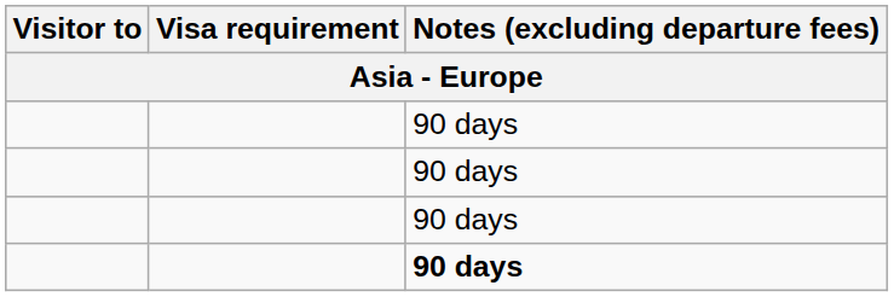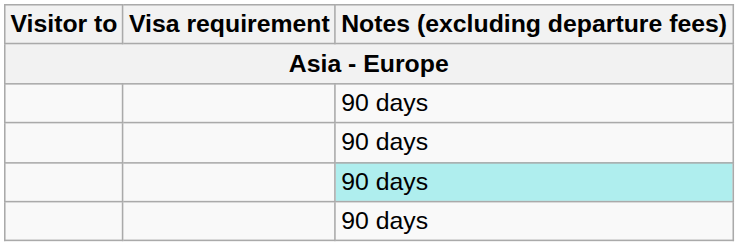 <table class="wikitable" style="text-align: left; table-layout: fixed; ">
 <tr>
 <th>Visitor to</th>
 <th>Visa requirement</th>
 <th>Notes (excluding departure fees)</th>
 </tr>
 <tr>
 <th colspan="3">Asia - Europe</th>
 </tr>
 <tr>
 <td></td>
 <td></td>
 <td>90 days</td>
 </tr>
 <tr>
 <td></td>
 <td></td>
 <td>90 days</td>
 </tr>
 <tr>
 <td></td>
 <td></td>
-<td>90 days</td>
+<td style="background: paleturquoise;">90 days</td>
 </tr>
 <tr>
 <td></td>
 <td></td>
-<td><strong>90 days</strong></td>
+<td>90 days</td>
 </tr>
 </table>
